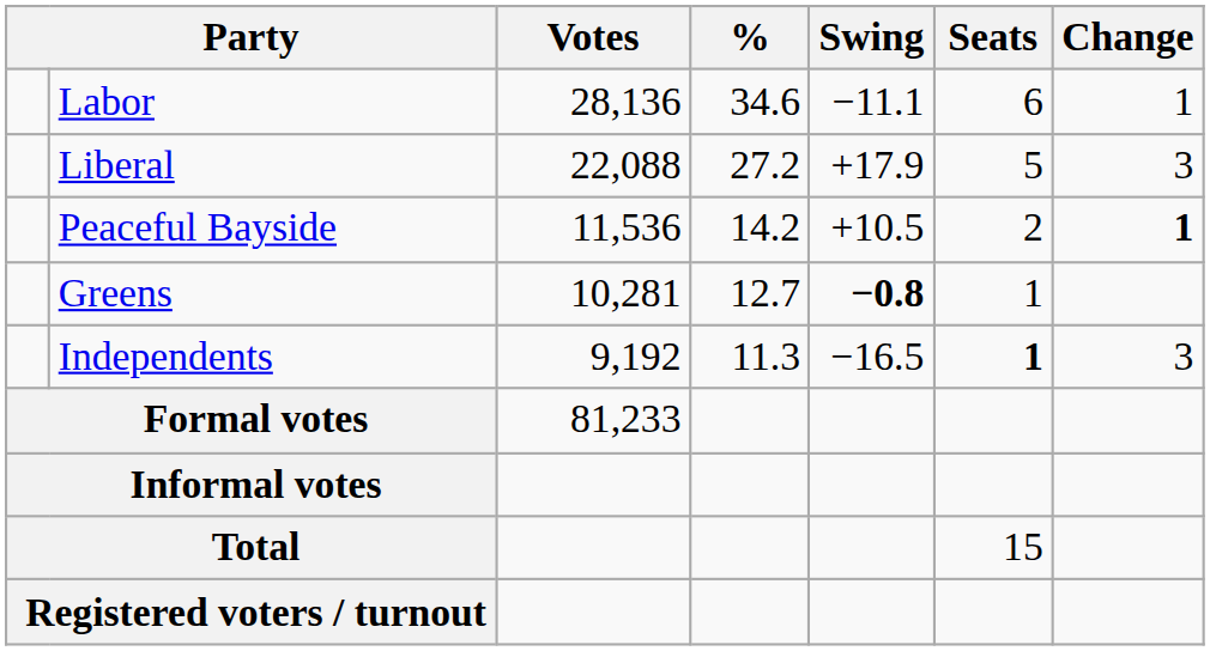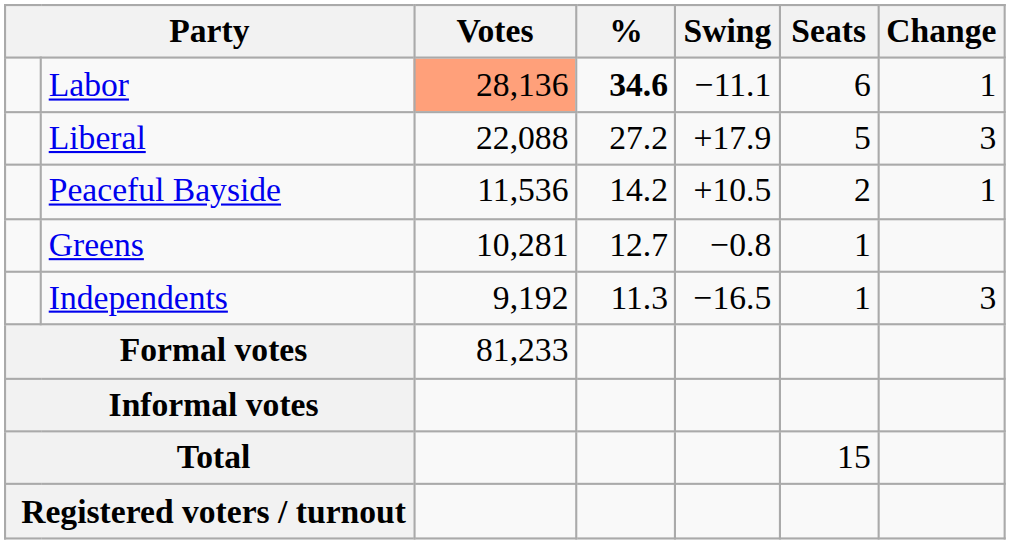 <table class="wikitable" style="text-align:right; margin-bottom:0">
 <tr>
 <th style="width:10px" colspan=3>Party</th>
 <th style="width:70px;">Votes</th>
 <th style="width:40px;">%</th>
 <th style="width:40px;">Swing</th>
 <th style="width:40px;">Seats</th>
 <th style="width:40px;">Change</th>
 </tr>
 <tr>
 <td> </td>
 <td style="text-align:left;" colspan="2"><a href='#'>Labor</a></td>
-<td>28,136</td>
-<td>34.6</td>
+<td style="background: lightsalmon;">28,136</td>
+<td><strong>34.6</strong></td>
 <td>−11.1</td>
 <td>6</td>
 <td> 1</td>
 </tr>
 <tr>
 <td> </td>
 <td style="text-align:left;" colspan="2"><a href='#'>Liberal</a></td>
 <td>22,088</td>
 <td>27.2</td>
 <td>+17.9</td>
 <td>5</td>
 <td> 3</td>
 </tr>
 <tr>
 <td> </td>
 <td style="text-align:left;" colspan="2"><a href='#'>Peaceful Bayside</a></td>
 <td>11,536</td>
 <td>14.2</td>
 <td>+10.5</td>
 <td>2</td>
-<td><strong> 1</strong></td>
+<td> 1</td>
 </tr>
 <tr>
 <td> </td>
 <td style="text-align:left;" colspan="2"><a href='#'>Greens</a></td>
 <td>10,281</td>
 <td>12.7</td>
-<td><strong>−0.8</strong></td>
+<td>−0.8</td>
 <td>1</td>
 <td></td>
 </tr>
 <tr>
 <td> </td>
 <td style="text-align:left;" colspan="2"><a href='#'>Independents</a></td>
 <td>9,192</td>
 <td>11.3</td>
 <td>−16.5</td>
-<td><strong>1</strong></td>
+<td>1</td>
 <td> 3</td>
 </tr>
 <tr>
 <th colspan="3" rowspan="1"> Formal votes</th>
 <td>81,233</td>
 <td></td>
 <td></td>
 <td></td>
 <td></td>
 </tr>
 <tr>
 <th colspan="3" rowspan="1"> Informal votes</th>
 <td></td>
 <td></td>
 <td></td>
 <td></td>
 <td></td>
 </tr>
 <tr>
 <th colspan="3" rowspan="1"> <strong>Total </strong></th>
 <td></td>
 <td></td>
 <td></td>
 <td>15</td>
 <td></td>
 </tr>
 <tr>
 <th colspan="3" rowspan="1"> Registered voters / turnout</th>
 <td></td>
 <td></td>
 <td></td>
 <td></td>
 <td></td>
 </tr>
 </table>
